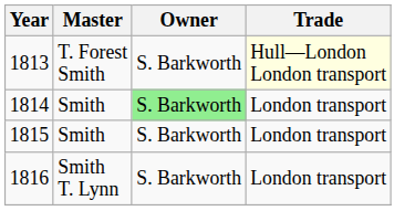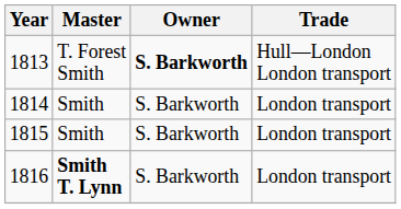 <table class="sortable wikitable">
 <tr>
 <th>Year</th>
 <th>Master</th>
 <th>Owner</th>
 <th>Trade</th>
 </tr>
 <tr>
 <td>1813</td>
 <td>T. Forest<br>Smith</td>
-<td>S. Barkworth</td>
-<td style="background: lightyellow;">Hull—London<br>London transport</td>
+<td><strong>S. Barkworth</strong></td>
+<td>Hull—London<br>London transport</td>
 </tr>
 <tr>
 <td>1814</td>
 <td>Smith</td>
-<td style="background: lightgreen;">S. Barkworth</td>
+<td>S. Barkworth</td>
 <td>London transport</td>
 </tr>
 <tr>
 <td>1815</td>
 <td>Smith</td>
 <td>S. Barkworth</td>
 <td>London transport</td>
 </tr>
 <tr>
 <td>1816</td>
-<td>Smith<br>T. Lynn</td>
+<td><strong>Smith<br>T. Lynn</strong></td>
 <td>S. Barkworth</td>
 <td>London transport</td>
 </tr>
 <tr>
 </tr>
 </table>
